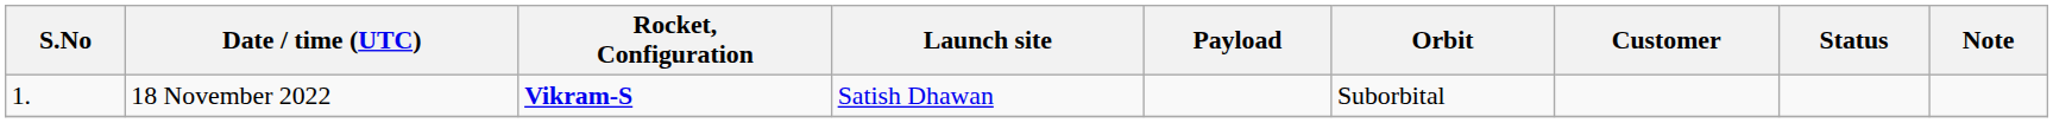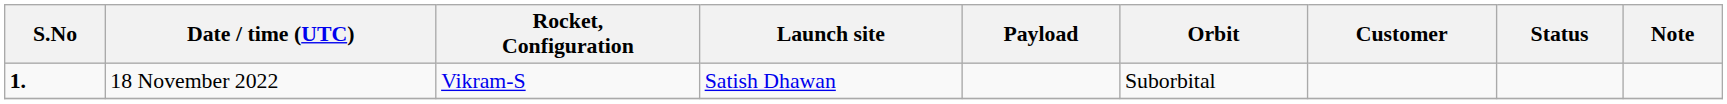 <table class="wikitable plainrowheaders" style="width: 100%;">
 <tr>
 <th scope="col">S.No</th>
 <th scope="col">Date / time (<a href='#'>UTC</a>)</th>
 <th scope="col">Rocket,<br>Configuration</th>
 <th scope="col">Launch site</th>
 <th scope="col">Payload</th>
 <th scope="col">Orbit</th>
 <th>Customer</th>
 <th>Status</th>
 <th>Note</th>
 </tr>
 <tr>
-<td>1.</td>
+<td><strong>1.</strong></td>
 <td>18 November 2022</td>
-<td><strong><a href='#'>Vikram-S</a></strong></td>
+<td><a href='#'>Vikram-S</a></td>
 <td><a href='#'>Satish Dhawan</a></td>
 <td></td>
 <td>Suborbital</td>
 <td></td>
 <td></td>
 <td></td>
 </tr>
 <tr>
 </tr>
 </table>
